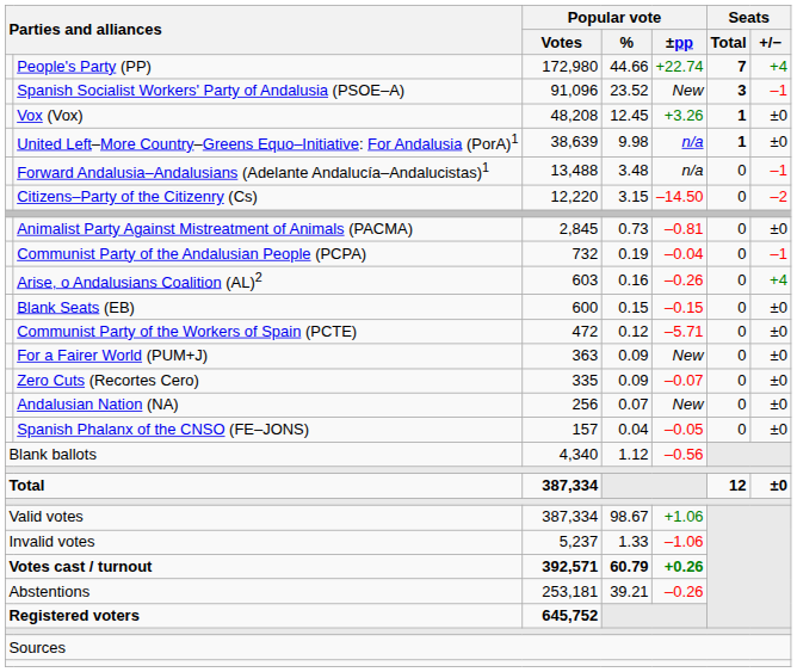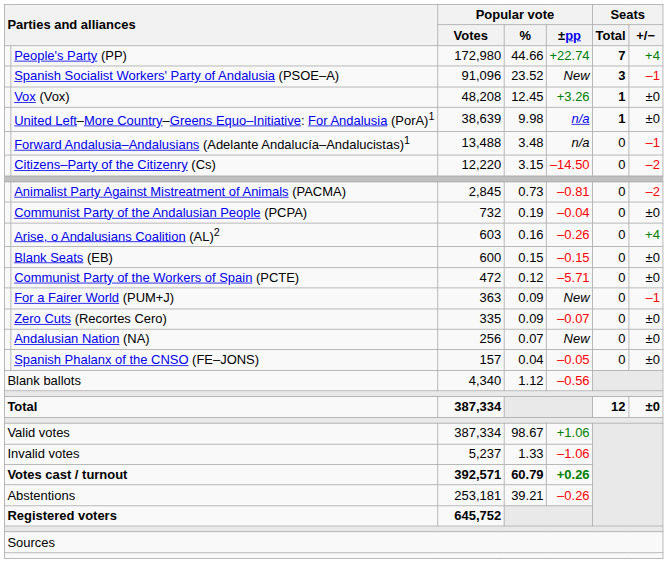 <table class="wikitable" style="text-align:right;">
 <tr>
 <th style="text-align:left;" rowspan="2" colspan="2" width="525">Parties and alliances</th>
 <th colspan="3">Popular vote</th>
 <th colspan="2">Seats</th>
 </tr>
 <tr>
 <th width="75">Votes</th>
 <th width="45">%</th>
 <th width="45">±<a href='#'>pp</a></th>
 <th width="35">Total</th>
 <th width="35">+/−</th>
 </tr>
 <tr>
 <td width="1" style="color:inherit;background:"></td>
 <td align="left"><a href='#'>People's Party</a> (PP)</td>
 <td>172,980</td>
 <td>44.66</td>
 <td style="color:green;">+22.74</td>
 <td><strong>7</strong></td>
 <td style="color:green;">+4</td>
 </tr>
 <tr>
 <td style="color:inherit;background:"></td>
 <td align="left"><a href='#'>Spanish Socialist Workers' Party of Andalusia</a> (PSOE–A)</td>
 <td>91,096</td>
 <td>23.52</td>
 <td><em>New</em></td>
 <td><strong>3</strong></td>
 <td style="color:red;">–1</td>
 </tr>
 <tr>
 <td style="color:inherit;background:"></td>
 <td align="left"><a href='#'>Vox</a> (Vox)</td>
 <td>48,208</td>
 <td>12.45</td>
 <td style="color:green;">+3.26</td>
 <td><strong>1</strong></td>
 <td>±0</td>
 </tr>
 <tr>
 <td style="color:inherit;background:"></td>
 <td align="left"><a href='#'>United Left</a>–<a href='#'>More Country</a>–<a href='#'>Greens Equo–Initiative</a>: <a href='#'>For Andalusia</a> (PorA)<sup>1</sup></td>
 <td>38,639</td>
 <td>9.98</td>
 <td><em><a href='#'>n/a</a></em></td>
 <td><strong>1</strong></td>
 <td>±0</td>
 </tr>
 <tr>
 <td style="color:inherit;background:"></td>
 <td align="left"><a href='#'>Forward Andalusia–Andalusians</a> (Adelante Andalucía–Andalucistas)<sup>1</sup></td>
 <td>13,488</td>
 <td>3.48</td>
 <td><em>n/a</em></td>
 <td>0</td>
 <td style="color:red;">–1</td>
 </tr>
 <tr>
 <td style="color:inherit;background:"></td>
 <td align="left"><a href='#'>Citizens–Party of the Citizenry</a> (Cs)</td>
 <td>12,220</td>
 <td>3.15</td>
 <td style="color:red;">–14.50</td>
 <td>0</td>
 <td style="color:red;">–2</td>
 </tr>
 <tr>
 <td colspan="7" bgcolor="#C0C0C0"></td>
 </tr>
 <tr>
 <td style="color:inherit;background:"></td>
 <td align="left"><a href='#'>Animalist Party Against Mistreatment of Animals</a> (PACMA)</td>
 <td>2,845</td>
 <td>0.73</td>
 <td style="color:red;">–0.81</td>
 <td>0</td>
-<td>±0</td>
+<td style="color:red;">–2</td>
 </tr>
 <tr>
 <td style="color:inherit;background:"></td>
 <td align="left"><a href='#'>Communist Party of the Andalusian People</a> (PCPA)</td>
 <td>732</td>
 <td>0.19</td>
 <td style="color:red;">–0.04</td>
 <td>0</td>
-<td style="color:red;">–1</td>
+<td>±0</td>
 </tr>
 <tr>
 <td style="color:inherit;background:"></td>
 <td align="left"><a href='#'>Arise, o Andalusians Coalition</a> (AL)<sup>2</sup></td>
 <td>603</td>
 <td>0.16</td>
 <td style="color:red;">–0.26</td>
 <td>0</td>
 <td style="color:green;">+4</td>
 </tr>
 <tr>
 <td style="color:inherit;background:"></td>
 <td align="left"><a href='#'>Blank Seats</a> (EB)</td>
 <td>600</td>
 <td>0.15</td>
 <td style="color:red;">–0.15</td>
 <td>0</td>
 <td>±0</td>
 </tr>
 <tr>
 <td style="color:inherit;background:"></td>
 <td align="left"><a href='#'>Communist Party of the Workers of Spain</a> (PCTE)</td>
 <td>472</td>
 <td>0.12</td>
 <td style="color:red;">–5.71</td>
 <td>0</td>
 <td>±0</td>
 </tr>
 <tr>
 <td style="color:inherit;background:"></td>
 <td align="left"><a href='#'>For a Fairer World</a> (PUM+J)</td>
 <td>363</td>
 <td>0.09</td>
 <td><em>New</em></td>
 <td>0</td>
-<td>±0</td>
+<td style="color:red;">–1</td>
 </tr>
 <tr>
 <td style="color:inherit;background:"></td>
 <td align="left"><a href='#'>Zero Cuts</a> (Recortes Cero)</td>
 <td>335</td>
 <td>0.09</td>
 <td style="color:red;">–0.07</td>
 <td>0</td>
 <td>±0</td>
 </tr>
 <tr>
 <td style="color:inherit;background:"></td>
 <td align="left"><a href='#'>Andalusian Nation</a> (NA)</td>
 <td>256</td>
 <td>0.07</td>
 <td><em>New</em></td>
 <td>0</td>
 <td>±0</td>
 </tr>
 <tr>
 <td style="color:inherit;background:"></td>
 <td align="left"><a href='#'>Spanish Phalanx of the CNSO</a> (FE–JONS)</td>
 <td>157</td>
 <td>0.04</td>
 <td style="color:red;">–0.05</td>
 <td>0</td>
 <td>±0</td>
 </tr>
 <tr>
 <td align="left" colspan="2">Blank ballots</td>
 <td>4,340</td>
 <td>1.12</td>
 <td style="color:red;">–0.56</td>
 <td bgcolor="#E9E9E9" colspan="2"></td>
 </tr>
 <tr>
 <td colspan="7" bgcolor="#E9E9E9"></td>
 </tr>
 <tr style="font-weight:bold;">
 <td align="left" colspan="2">Total</td>
 <td>387,334</td>
 <td bgcolor="#E9E9E9" colspan="2"></td>
 <td>12</td>
 <td>±0</td>
 </tr>
 <tr>
 <td colspan="7" bgcolor="#E9E9E9"></td>
 </tr>
 <tr>
 <td align="left" colspan="2">Valid votes</td>
 <td>387,334</td>
 <td>98.67</td>
 <td style="color:green;">+1.06</td>
 <td bgcolor="#E9E9E9" colspan="2" rowspan="5"></td>
 </tr>
 <tr>
 <td align="left" colspan="2">Invalid votes</td>
 <td>5,237</td>
 <td>1.33</td>
 <td style="color:red;">–1.06</td>
 </tr>
 <tr style="font-weight:bold;">
 <td align="left" colspan="2">Votes cast / turnout</td>
 <td>392,571</td>
 <td>60.79</td>
 <td style="color:green;">+0.26</td>
 </tr>
 <tr>
 <td align="left" colspan="2">Abstentions</td>
 <td>253,181</td>
 <td>39.21</td>
 <td style="color:red;">–0.26</td>
 </tr>
 <tr style="font-weight:bold;">
 <td align="left" colspan="2">Registered voters</td>
 <td>645,752</td>
 <td bgcolor="#E9E9E9" colspan="2"></td>
 </tr>
 <tr>
 <td colspan="7" bgcolor="#E9E9E9"></td>
 </tr>
 <tr>
 <td align="left" colspan="7">Sources</td>
 </tr>
 <tr>
 <td colspan="7" style="text-align:left; max-width:790px;"></td>
 </tr>
 </table>
